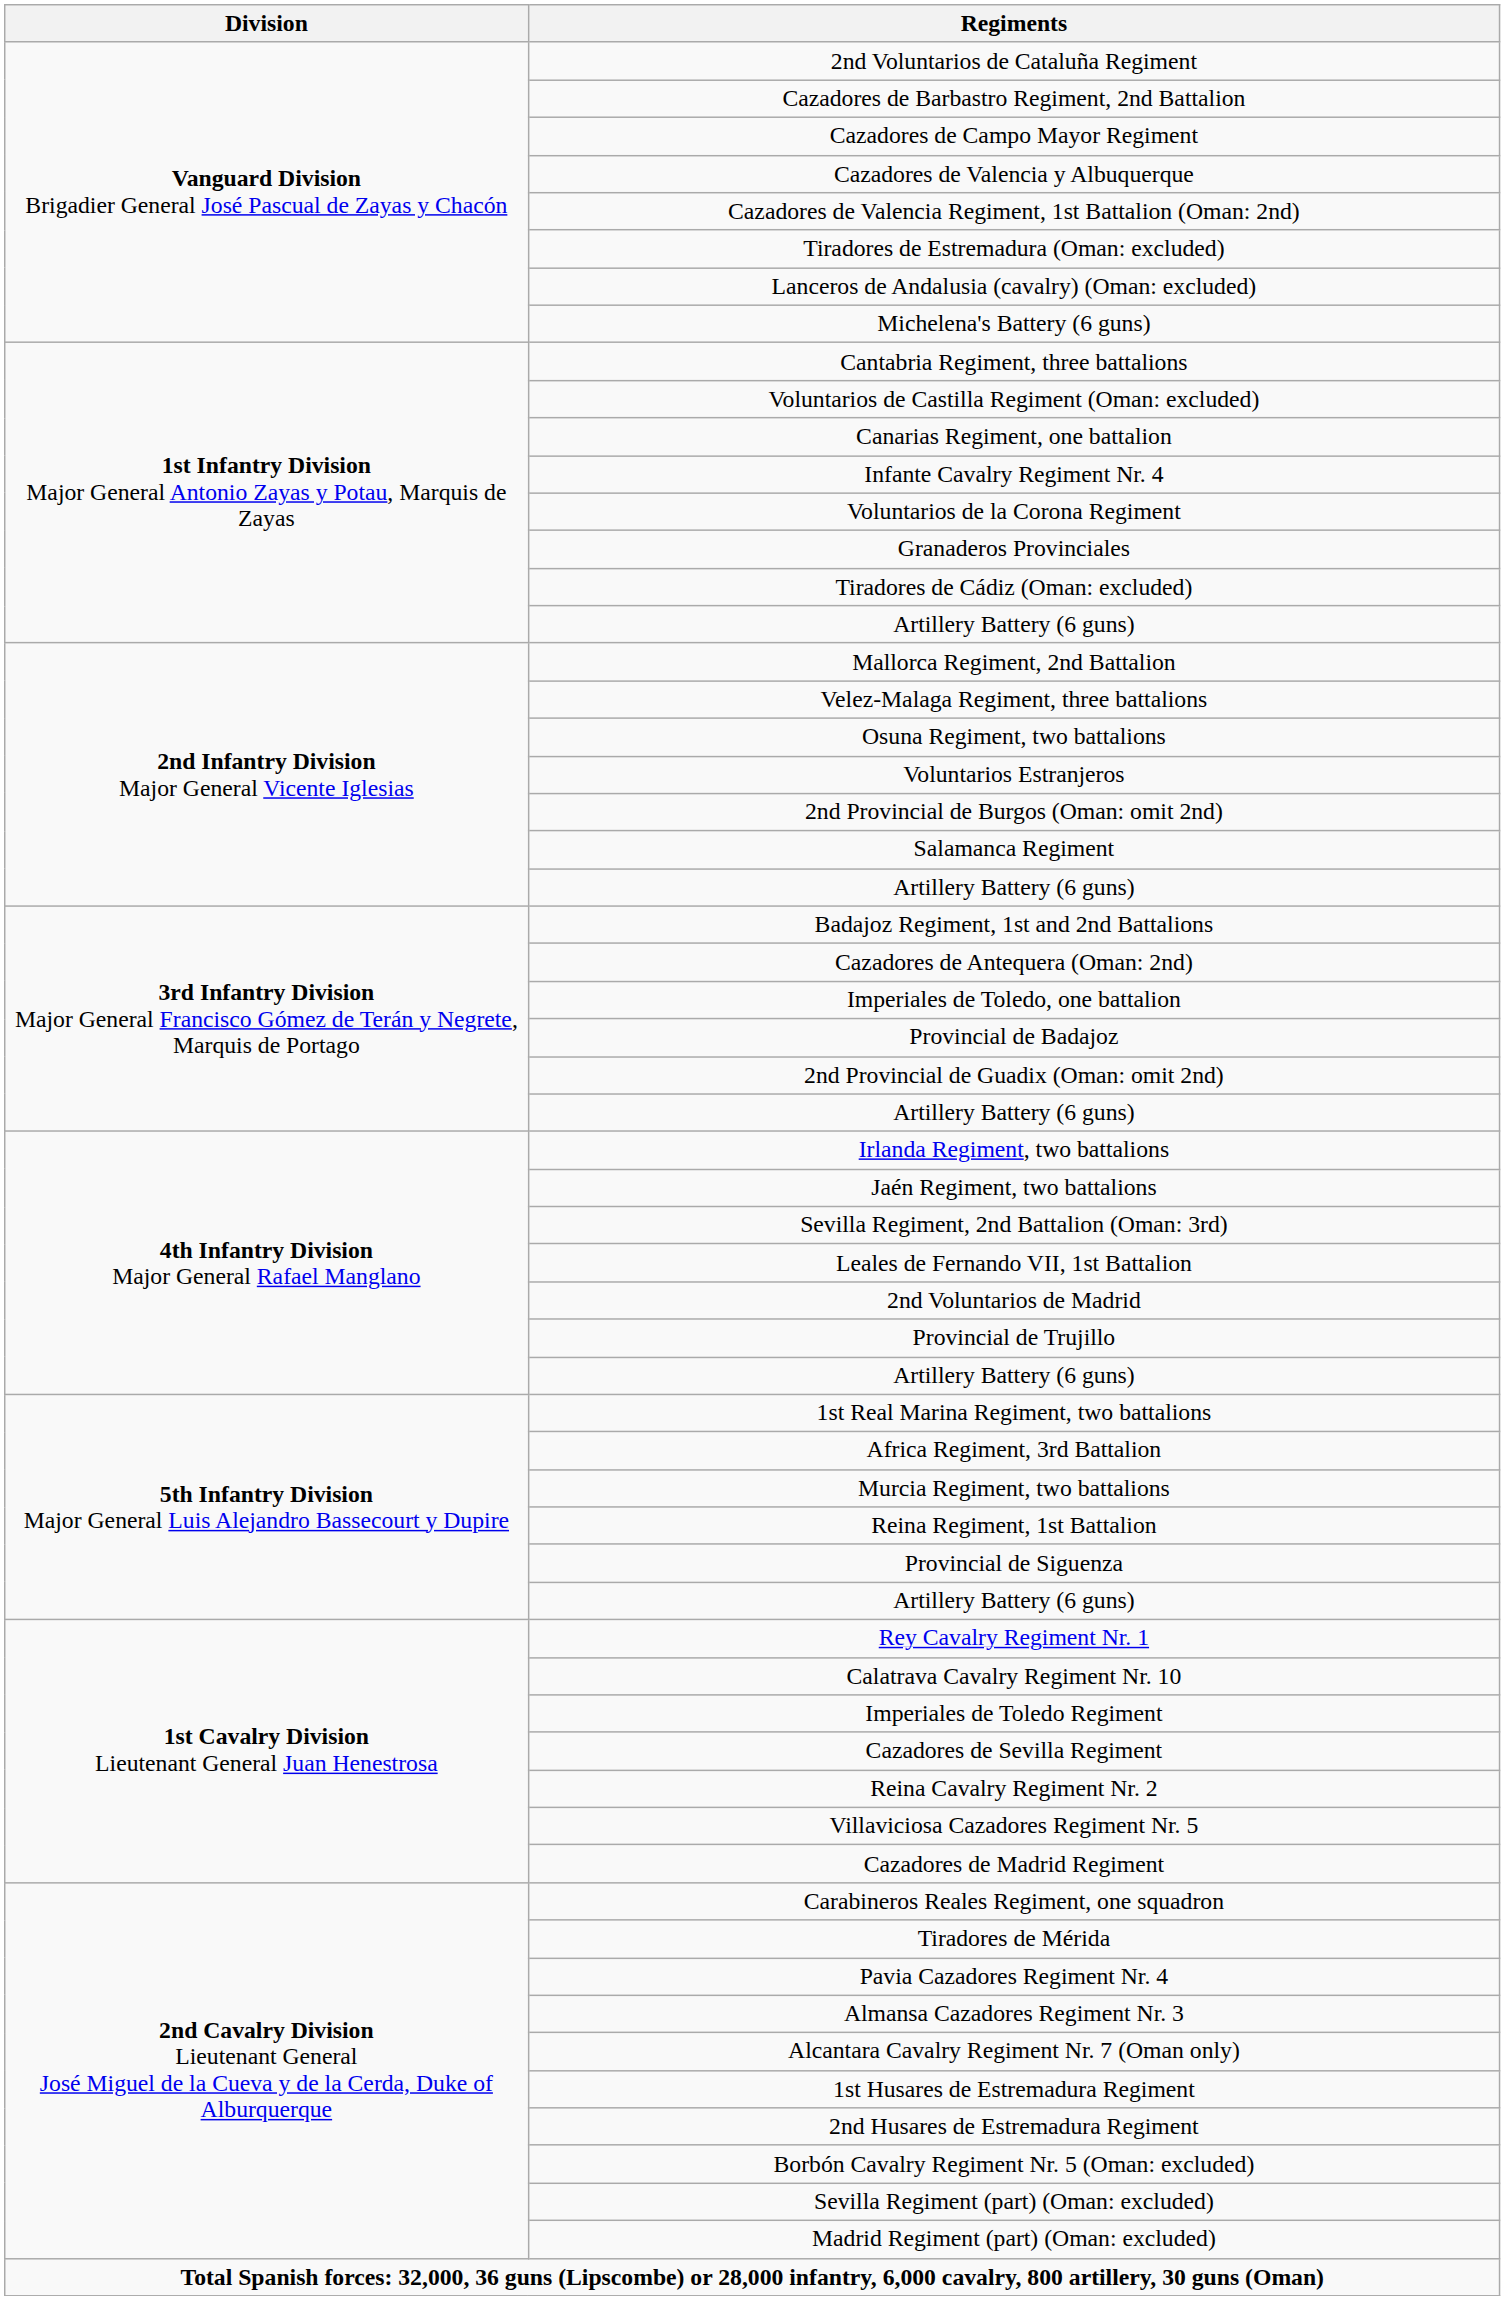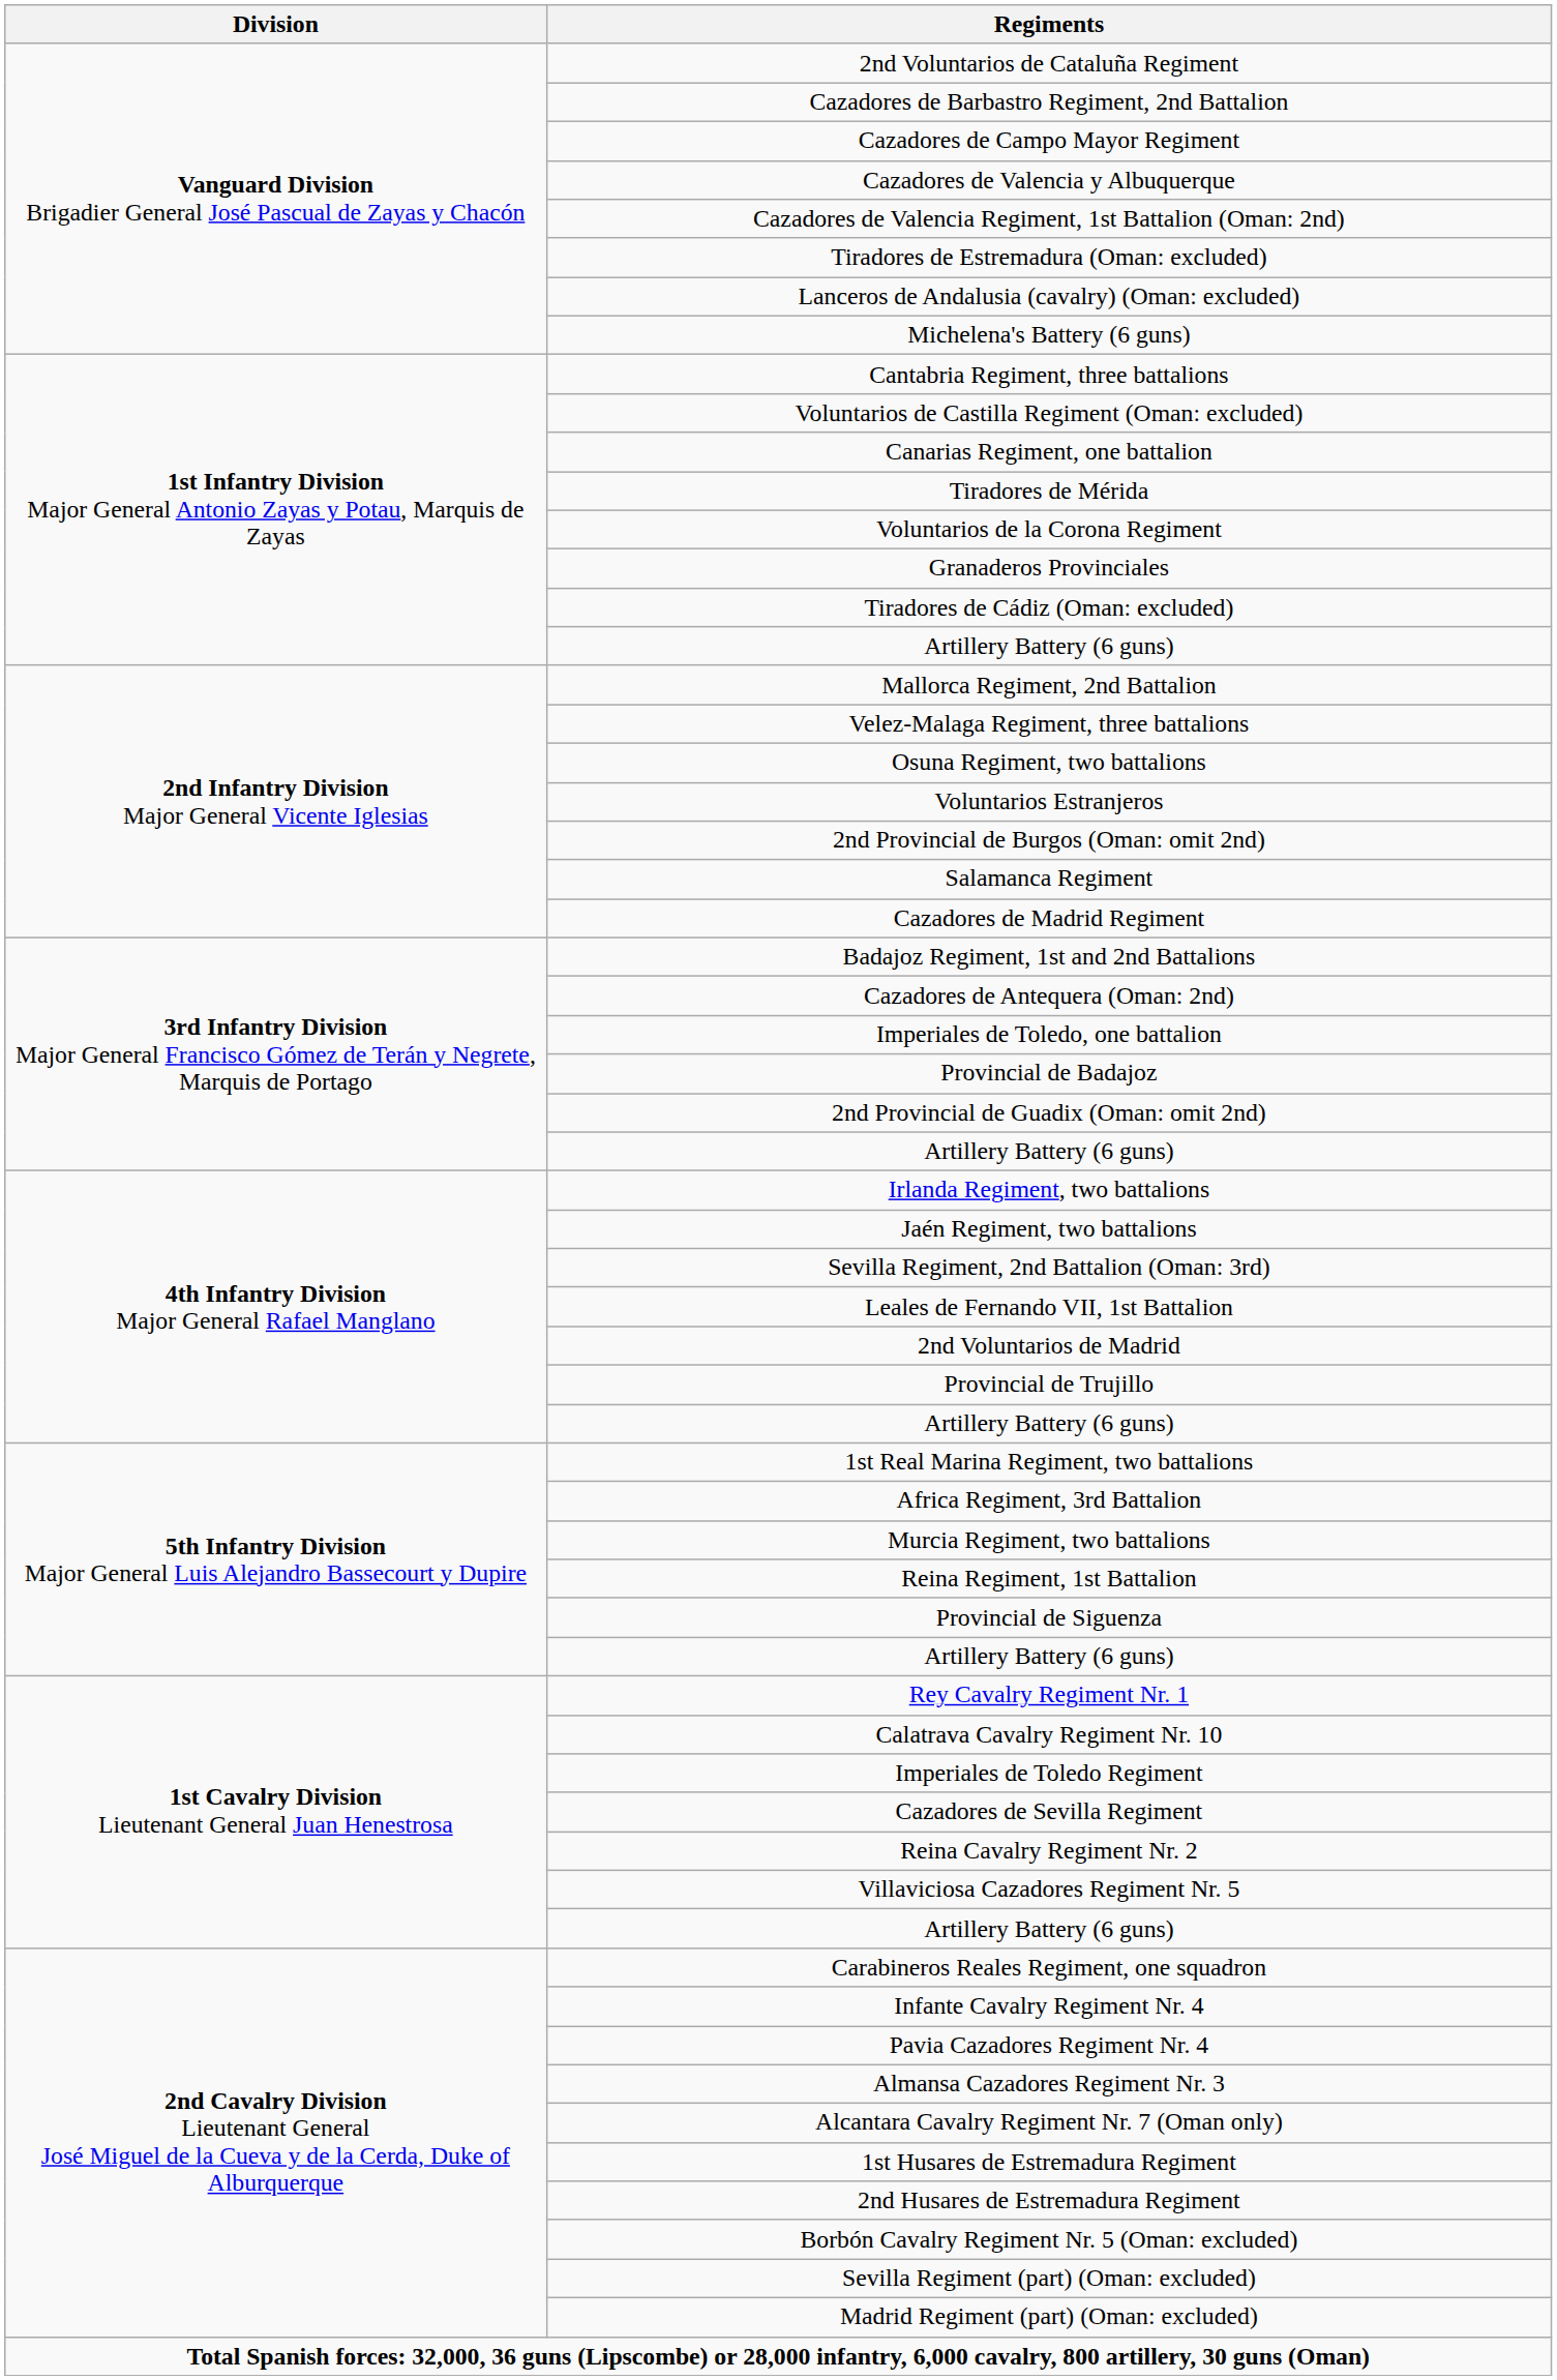 <table class="wikitable" width="80%" style="text-align:center;">
 <tr>
 <th style="width:35%;">Division</th>
 <th style="width:65%;">Regiments</th>
 </tr>
 <tr>
 <td ROWSPAN=8><strong>Vanguard Division</strong><br>Brigadier General <a href='#'>José Pascual de Zayas y Chacón</a></td>
 <td>2nd Voluntarios de Cataluña Regiment</td>
 </tr>
 <tr>
 <td>Cazadores de Barbastro Regiment, 2nd Battalion</td>
 </tr>
 <tr>
 <td>Cazadores de Campo Mayor Regiment</td>
 </tr>
 <tr>
 <td>Cazadores de Valencia y Albuquerque</td>
 </tr>
 <tr>
 <td>Cazadores de Valencia Regiment, 1st Battalion (Oman: 2nd)</td>
 </tr>
 <tr>
 <td>Tiradores de Estremadura (Oman: excluded)</td>
 </tr>
 <tr>
 <td>Lanceros de Andalusia (cavalry) (Oman: excluded)</td>
 </tr>
 <tr>
 <td>Michelena's Battery (6 guns)</td>
 </tr>
 <tr>
 <td ROWSPAN=8><strong>1st Infantry Division</strong><br>Major General <a href='#'>Antonio Zayas y Potau</a>, Marquis de Zayas</td>
 <td>Cantabria Regiment, three battalions</td>
 </tr>
 <tr>
 <td>Voluntarios de Castilla Regiment (Oman: excluded)</td>
 </tr>
 <tr>
 <td>Canarias Regiment, one battalion</td>
 </tr>
 <tr>
-<td>Infante Cavalry Regiment Nr. 4</td>
+<td>Tiradores de Mérida</td>
 </tr>
 <tr>
 <td>Voluntarios de la Corona Regiment</td>
 </tr>
 <tr>
 <td>Granaderos Provinciales</td>
 </tr>
 <tr>
 <td>Tiradores de Cádiz (Oman: excluded)</td>
 </tr>
 <tr>
 <td>Artillery Battery (6 guns)</td>
 </tr>
 <tr>
 <td ROWSPAN=7><strong>2nd Infantry Division</strong><br>Major General <a href='#'>Vicente Iglesias</a></td>
 <td>Mallorca Regiment, 2nd Battalion</td>
 </tr>
 <tr>
 <td>Velez-Malaga Regiment, three battalions</td>
 </tr>
 <tr>
 <td>Osuna Regiment, two battalions</td>
 </tr>
 <tr>
 <td>Voluntarios Estranjeros</td>
 </tr>
 <tr>
 <td>2nd Provincial de Burgos (Oman: omit 2nd)</td>
 </tr>
 <tr>
 <td>Salamanca Regiment</td>
 </tr>
 <tr>
-<td>Artillery Battery (6 guns)</td>
+<td>Cazadores de Madrid Regiment</td>
 </tr>
 <tr>
 <td ROWSPAN=6><strong>3rd Infantry Division</strong><br>Major General <a href='#'>Francisco Gómez de Terán y Negrete</a>, Marquis de Portago</td>
 <td>Badajoz Regiment, 1st and 2nd Battalions</td>
 </tr>
 <tr>
 <td>Cazadores de Antequera (Oman: 2nd)</td>
 </tr>
 <tr>
 <td>Imperiales de Toledo, one battalion</td>
 </tr>
 <tr>
 <td>Provincial de Badajoz</td>
 </tr>
 <tr>
 <td>2nd Provincial de Guadix (Oman: omit 2nd)</td>
 </tr>
 <tr>
 <td>Artillery Battery (6 guns)</td>
 </tr>
 <tr>
 <td ROWSPAN=7><strong>4th Infantry Division</strong><br>Major General <a href='#'>Rafael Manglano</a></td>
 <td><a href='#'>Irlanda Regiment</a>, two battalions</td>
 </tr>
 <tr>
 <td>Jaén Regiment, two battalions</td>
 </tr>
 <tr>
 <td>Sevilla Regiment, 2nd Battalion (Oman: 3rd)</td>
 </tr>
 <tr>
 <td>Leales de Fernando VII, 1st Battalion</td>
 </tr>
 <tr>
 <td>2nd Voluntarios de Madrid</td>
 </tr>
 <tr>
 <td>Provincial de Trujillo</td>
 </tr>
 <tr>
 <td>Artillery Battery (6 guns)</td>
 </tr>
 <tr>
 <td ROWSPAN=6><strong>5th Infantry Division</strong><br>Major General <a href='#'>Luis Alejandro Bassecourt y Dupire</a></td>
 <td>1st Real Marina Regiment, two battalions</td>
 </tr>
 <tr>
 <td>Africa Regiment, 3rd Battalion</td>
 </tr>
 <tr>
 <td>Murcia Regiment, two battalions</td>
 </tr>
 <tr>
 <td>Reina Regiment, 1st Battalion</td>
 </tr>
 <tr>
 <td>Provincial de Siguenza</td>
 </tr>
 <tr>
 <td>Artillery Battery (6 guns)</td>
 </tr>
 <tr>
 <td ROWSPAN=7><strong>1st Cavalry Division</strong><br>Lieutenant General <a href='#'>Juan Henestrosa</a></td>
 <td><a href='#'>Rey Cavalry Regiment Nr. 1</a></td>
 </tr>
 <tr>
 <td>Calatrava Cavalry Regiment Nr. 10</td>
 </tr>
 <tr>
 <td>Imperiales de Toledo Regiment</td>
 </tr>
 <tr>
 <td>Cazadores de Sevilla Regiment</td>
 </tr>
 <tr>
 <td>Reina Cavalry Regiment Nr. 2</td>
 </tr>
 <tr>
 <td>Villaviciosa Cazadores Regiment Nr. 5</td>
 </tr>
 <tr>
-<td>Cazadores de Madrid Regiment</td>
+<td>Artillery Battery (6 guns)</td>
 </tr>
 <tr>
 <td ROWSPAN=10><strong>2nd Cavalry Division</strong><br>Lieutenant General<br> <a href='#'>José Miguel de la Cueva y de la Cerda, Duke of Alburquerque</a></td>
 <td>Carabineros Reales Regiment, one squadron</td>
 </tr>
 <tr>
-<td>Tiradores de Mérida</td>
+<td>Infante Cavalry Regiment Nr. 4</td>
 </tr>
 <tr>
 <td>Pavia Cazadores Regiment Nr. 4</td>
 </tr>
 <tr>
 <td>Almansa Cazadores Regiment Nr. 3</td>
 </tr>
 <tr>
 <td>Alcantara Cavalry Regiment Nr. 7 (Oman only)</td>
 </tr>
 <tr>
 <td>1st Husares de Estremadura Regiment</td>
 </tr>
 <tr>
 <td>2nd Husares de Estremadura Regiment</td>
 </tr>
 <tr>
 <td>Borbón Cavalry Regiment Nr. 5 (Oman: excluded)</td>
 </tr>
 <tr>
 <td>Sevilla Regiment (part) (Oman: excluded)</td>
 </tr>
 <tr>
 <td>Madrid Regiment (part) (Oman: excluded)</td>
 </tr>
 <tr>
 <td colspan=2><strong>Total Spanish forces: 32,000, 36 guns (Lipscombe)</strong> <strong>or 28,000 infantry, 6,000 cavalry, 800 artillery, 30 guns (Oman)</strong></td>
 </tr>
 </table>
